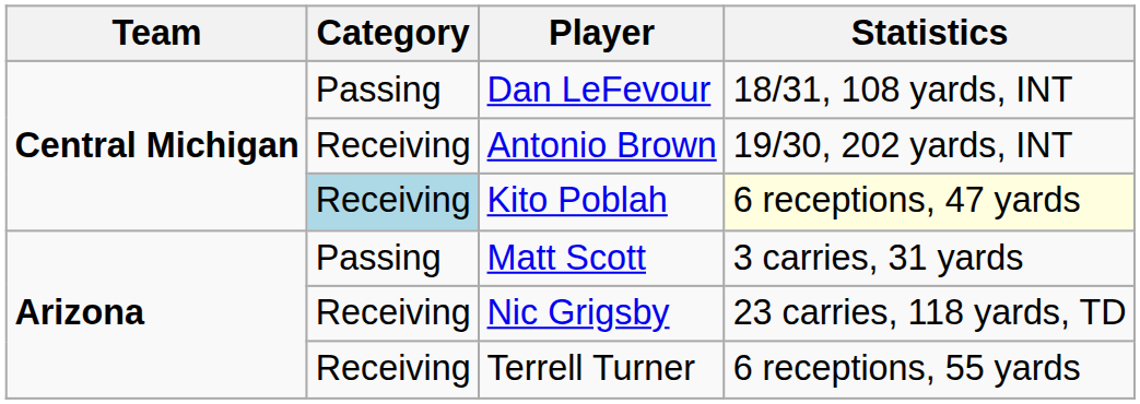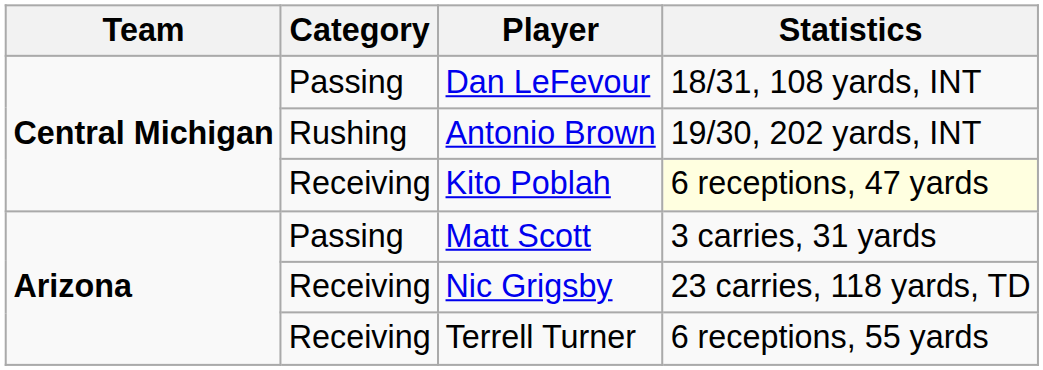 <table class="wikitable" style="float: right;">
 <tr>
 <th>Team</th>
 <th>Category</th>
 <th>Player</th>
 <th>Statistics</th>
 </tr>
 <tr>
 <td rowspan=3><strong>Central Michigan</strong></td>
 <td>Passing</td>
 <td><a href='#'>Dan LeFevour</a></td>
 <td>18/31, 108 yards, INT</td>
 </tr>
 <tr>
-<td>Receiving</td>
+<td>Rushing</td>
 <td><a href='#'>Antonio Brown</a></td>
 <td>19/30, 202 yards, INT</td>
 </tr>
 <tr>
-<td style="background: lightblue;">Receiving</td>
+<td>Receiving</td>
 <td><a href='#'>Kito Poblah</a></td>
 <td style="background: lightyellow;">6 receptions, 47 yards</td>
 </tr>
 <tr>
 <td rowspan=3><strong>Arizona</strong></td>
 <td>Passing</td>
 <td><a href='#'>Matt Scott</a></td>
 <td>3 carries, 31 yards</td>
 </tr>
 <tr>
 <td>Receiving</td>
 <td><a href='#'>Nic Grigsby</a></td>
 <td>23 carries, 118 yards, TD</td>
 </tr>
 <tr>
 <td>Receiving</td>
 <td>Terrell Turner</td>
 <td>6 receptions, 55 yards</td>
 </tr>
 </table>
